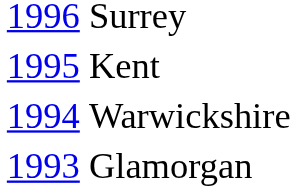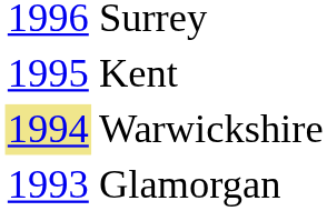 <table>
 <tr>
 <td><a href='#'>1996</a></td>
 <td>Surrey</td>
 </tr>
 <tr>
 <td><a href='#'>1995</a></td>
 <td>Kent</td>
 </tr>
 <tr>
-<td><a href='#'>1994</a></td>
+<td style="background: khaki;"><a href='#'>1994</a></td>
 <td>Warwickshire</td>
 </tr>
 <tr>
 <td><a href='#'>1993</a></td>
 <td>Glamorgan</td>
 </tr>
 </table>
